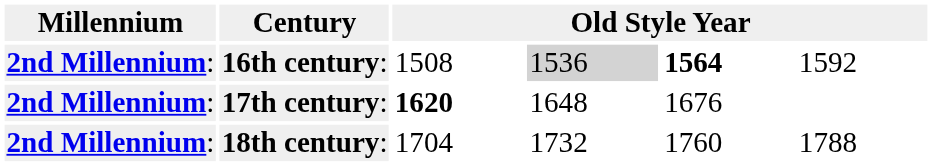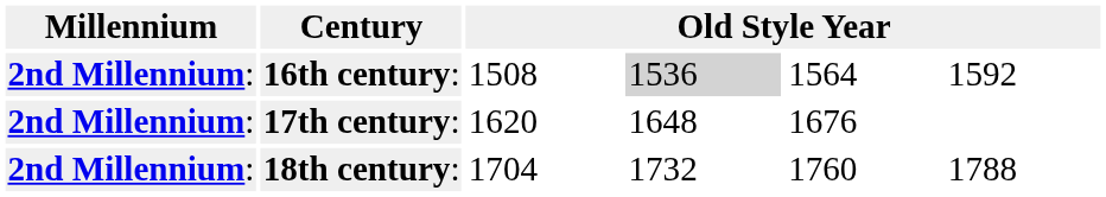 <table>
 <tr style="background-color:#efefef;">
 <th>Millennium</th>
 <th>Century</th>
 <th align="center" colspan="11">Old Style Year</th>
 </tr>
 <tr>
 <td style="background-color:#efefef;"><strong><a href='#'>2nd Millennium</a></strong>:</td>
 <td style="background-color:#efefef;"><strong>16th century</strong>:</td>
 <td width=70px>1508</td>
 <td width=70px style="background: lightgrey;">1536</td>
-<td width=70px><strong>1564</strong></td>
+<td width=70px>1564</td>
 <td width=70px>1592</td>
 </tr>
 <tr>
 <td style="background-color:#efefef;"><strong><a href='#'>2nd Millennium</a></strong>:</td>
 <td style="background-color:#efefef;"><strong>17th century</strong>:</td>
-<td width=70px><strong>1620</strong></td>
+<td width=70px>1620</td>
 <td width=70px>1648</td>
 <td width=70px>1676</td>
 <td width=70px> </td>
 </tr>
 <tr>
 <td style="background-color:#efefef;"><strong><a href='#'>2nd Millennium</a></strong>:</td>
 <td style="background-color:#efefef;"><strong>18th century</strong>:</td>
 <td width=70px>1704</td>
 <td width=70px>1732</td>
 <td width=70px>1760</td>
 <td width=70px>1788</td>
 </tr>
 </table>
